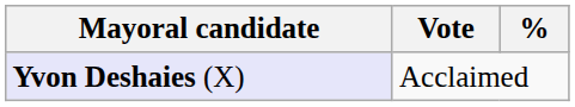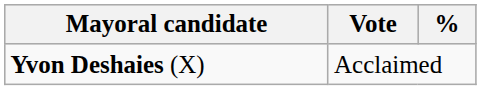 <table class="wikitable">
 <tr>
 <th bgcolor="#DDDDFF" width="200px">Mayoral candidate</th>
 <th bgcolor="#DDDDFF" width="50px">Vote</th>
 <th bgcolor="#DDDDFF" width="30px">%</th>
 </tr>
 <tr>
-<td style="background: lavender;"><strong>Yvon Deshaies</strong> (X)</td>
+<td><strong>Yvon Deshaies</strong> (X)</td>
 <td colspan="2">Acclaimed</td>
 </tr>
 </table>
